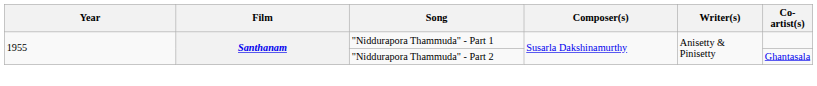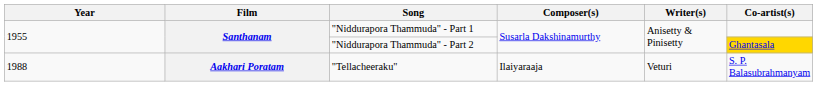 <table class="wikitable plainrowheaders" style="width:100%; textcolor:#000">
 <tr style="background:#b0e0e66;">
 <th scope="col" style="width:23%;"><strong>Year</strong></th>
 <th scope="col" style="width:23%;"><strong>Film</strong></th>
 <th scope="col" style="width:23%;"><strong>Song</strong></th>
 <th scope="col" style="width:20%;"><strong>Composer(s)</strong></th>
 <th scope="col" style="width:16%;"><strong>Writer(s)</strong></th>
 <th scope="col" style="width:18%;"><strong>Co-artist(s)</strong></th>
 </tr>
 <tr>
 <td rowspan=2>1955</td>
 <th rowspan=2><em><a href='#'>Santhanam</a></em></th>
 <td>"Niddurapora Thammuda" - Part 1</td>
 <td rowspan=2><a href='#'>Susarla Dakshinamurthy</a></td>
 <td rowspan=2>Anisetty & Pinisetty</td>
 <td></td>
 </tr>
 <tr>
 <td>"Niddurapora Thammuda" - Part 2</td>
-<td><a href='#'>Ghantasala</a></td>
+<td style="background: gold;"><a href='#'>Ghantasala</a></td>
+</tr>
+<tr>
+<td>1988</td>
+<th><em><a href='#'>Aakhari Poratam</a></em></th>
+<td>"Tellacheeraku"</td>
+<td>Ilaiyaraaja</td>
+<td>Veturi</td>
+<td><a href='#'>S. P. Balasubrahmanyam</a></td>
 </tr>
 </table>
